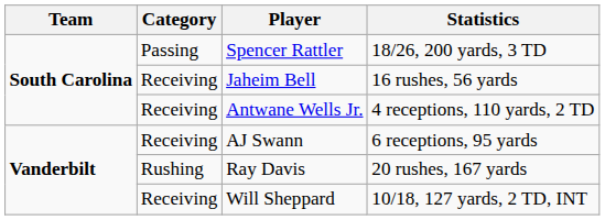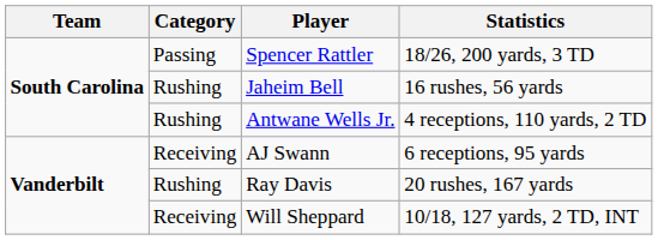 <table class="wikitable" style="float: left;">
 <tr>
 <th>Team</th>
 <th>Category</th>
 <th>Player</th>
 <th>Statistics</th>
 </tr>
 <tr>
 <td rowspan=3><strong>South Carolina</strong></td>
 <td>Passing</td>
 <td><a href='#'>Spencer Rattler</a></td>
 <td>18/26, 200 yards, 3 TD</td>
 </tr>
 <tr>
-<td>Receiving</td>
+<td>Rushing</td>
 <td><a href='#'>Jaheim Bell</a></td>
 <td>16 rushes, 56 yards</td>
 </tr>
 <tr>
-<td>Receiving</td>
+<td>Rushing</td>
 <td><a href='#'>Antwane Wells Jr.</a></td>
 <td>4 receptions, 110 yards, 2 TD</td>
 </tr>
 <tr>
 <td rowspan=3><strong>Vanderbilt</strong></td>
 <td>Receiving</td>
 <td>AJ Swann</td>
 <td>6 receptions, 95 yards</td>
 </tr>
 <tr>
 <td>Rushing</td>
 <td>Ray Davis</td>
 <td>20 rushes, 167 yards</td>
 </tr>
 <tr>
 <td>Receiving</td>
 <td>Will Sheppard</td>
 <td>10/18, 127 yards, 2 TD, INT</td>
 </tr>
 </table>
